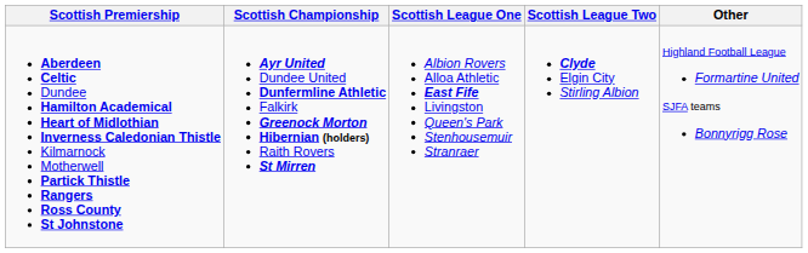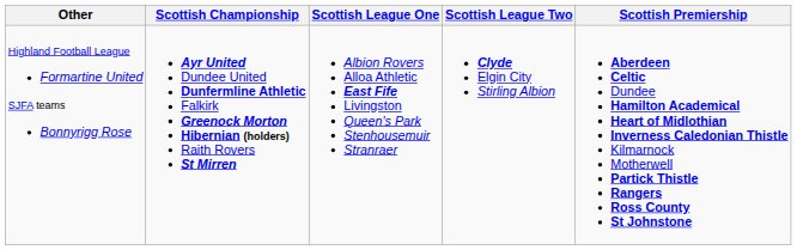 <table class="wikitable" style="text-align:left">
 <tr>
-<th><a href='#'>Scottish Premiership</a></th>
+<th>Other</th>
 <th><a href='#'>Scottish Championship</a></th>
 <th><a href='#'>Scottish League One</a></th>
 <th><a href='#'>Scottish League Two</a></th>
-<th>Other</th>
+<th><a href='#'>Scottish Premiership</a></th>
 </tr>
 <tr>
-<td valign=top><br><ul><li><strong><a href='#'>Aberdeen</a></strong></li><li><strong><a href='#'>Celtic</a></strong></li><li><a href='#'>Dundee</a></li><li><strong><a href='#'>Hamilton Academical</a></strong></li><li><strong><a href='#'>Heart of Midlothian</a></strong></li><li><strong><a href='#'>Inverness Caledonian Thistle</a></strong></li><li><a href='#'>Kilmarnock</a></li><li><a href='#'>Motherwell</a></li><li><strong><a href='#'>Partick Thistle</a></strong></li><li><strong><a href='#'>Rangers</a></strong></li><li><strong><a href='#'>Ross County</a></strong></li><li><strong><a href='#'>St Johnstone</a></strong></li></ul></td>
+<td valign=top><br><small><a href='#'>Highland Football League</a></small><ul><li><em><a href='#'>Formartine United</a></em></li></ul><small><a href='#'>SJFA</a> teams</small><ul><li><em><a href='#'>Bonnyrigg Rose</a></em></li></ul></td>
 <td valign=top><br><ul><li><strong><em><a href='#'>Ayr United</a></em></strong></li><li><a href='#'>Dundee United</a></li><li><strong><a href='#'>Dunfermline Athletic</a></strong></li><li><a href='#'>Falkirk</a></li><li><strong><em><a href='#'>Greenock Morton</a></em></strong></li><li><strong><a href='#'>Hibernian</a></strong> <small><strong>(holders)</strong></small></li><li><a href='#'>Raith Rovers</a></li><li><strong><em><a href='#'>St Mirren</a></em></strong></li></ul></td>
 <td valign=top><br><ul><li><em><a href='#'>Albion Rovers</a></em></li><li><a href='#'>Alloa Athletic</a></li><li><strong><em><a href='#'>East Fife</a></em></strong></li><li><a href='#'>Livingston</a></li><li><em><a href='#'>Queen's Park</a></em></li><li><em><a href='#'>Stenhousemuir</a></em></li><li><em><a href='#'>Stranraer</a></em></li></ul></td>
 <td valign=top><br><ul><li><strong><em><a href='#'>Clyde</a></em></strong></li><li><a href='#'>Elgin City</a></li><li><em><a href='#'>Stirling Albion</a></em></li></ul></td>
-<td valign=top><br><small><a href='#'>Highland Football League</a></small><ul><li><em><a href='#'>Formartine United</a></em></li></ul><small><a href='#'>SJFA</a> teams</small><ul><li><em><a href='#'>Bonnyrigg Rose</a></em></li></ul></td>
+<td valign=top><br><ul><li><strong><a href='#'>Aberdeen</a></strong></li><li><strong><a href='#'>Celtic</a></strong></li><li><a href='#'>Dundee</a></li><li><strong><a href='#'>Hamilton Academical</a></strong></li><li><strong><a href='#'>Heart of Midlothian</a></strong></li><li><strong><a href='#'>Inverness Caledonian Thistle</a></strong></li><li><a href='#'>Kilmarnock</a></li><li><a href='#'>Motherwell</a></li><li><strong><a href='#'>Partick Thistle</a></strong></li><li><strong><a href='#'>Rangers</a></strong></li><li><strong><a href='#'>Ross County</a></strong></li><li><strong><a href='#'>St Johnstone</a></strong></li></ul></td>
 </tr>
 </table>
